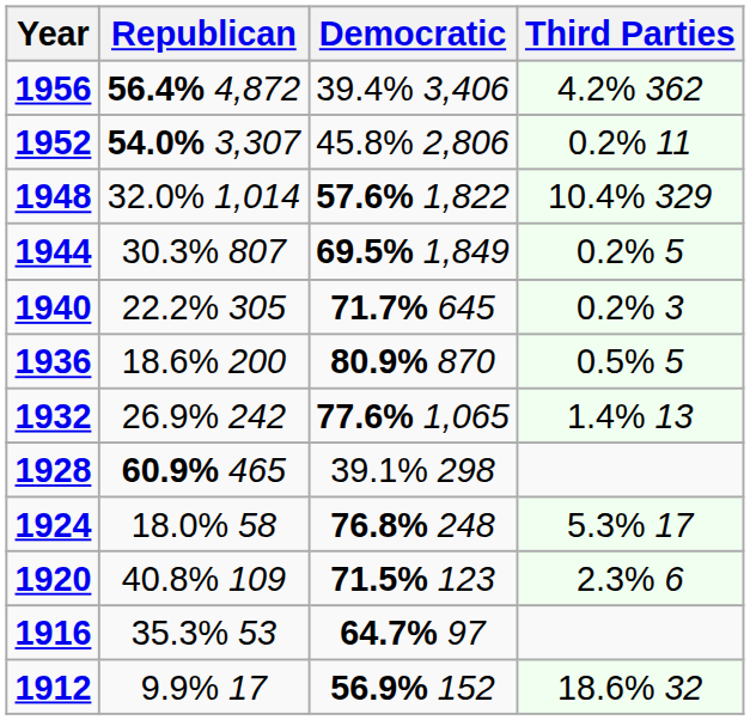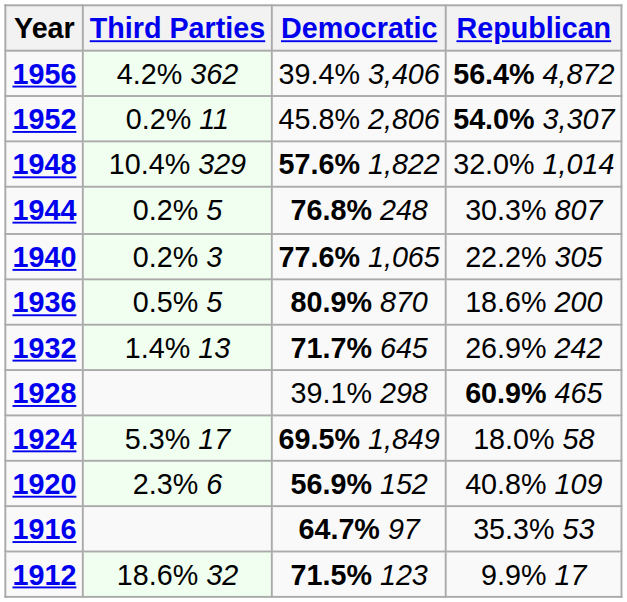 <table class="wikitable" style="float:right; font-size:95%;">
 <tr bgcolor=lightgrey>
 <th>Year</th>
+<th><a href='#'>Third Parties</a></th>
+<th><a href='#'>Democratic</a></th>
 <th><a href='#'>Republican</a></th>
-<th><a href='#'>Democratic</a></th>
-<th><a href='#'>Third Parties</a></th>
 </tr>
 <tr>
 <td style="text-align:center;" ><strong><a href='#'>1956</a></strong></td>
+<td style="text-align:center; background:honeyDew;">4.2% <em>362</em></td>
+<td style="text-align:center;" >39.4% <em>3,406</em></td>
 <td style="text-align:center;" ><strong>56.4%</strong> <em>4,872</em></td>
-<td style="text-align:center;" >39.4% <em>3,406</em></td>
-<td style="text-align:center; background:honeyDew;">4.2% <em>362</em></td>
 </tr>
 <tr>
 <td style="text-align:center;" ><strong><a href='#'>1952</a></strong></td>
+<td style="text-align:center; background:honeyDew;">0.2% <em>11</em></td>
+<td style="text-align:center;" >45.8% <em>2,806</em></td>
 <td style="text-align:center;" ><strong>54.0%</strong> <em>3,307</em></td>
-<td style="text-align:center;" >45.8% <em>2,806</em></td>
-<td style="text-align:center; background:honeyDew;">0.2% <em>11</em></td>
 </tr>
 <tr>
 <td style="text-align:center;" ><strong><a href='#'>1948</a></strong></td>
+<td style="text-align:center; background:honeyDew;">10.4% <em>329</em></td>
+<td style="text-align:center;" ><strong>57.6%</strong> <em>1,822</em></td>
 <td style="text-align:center;" >32.0% <em>1,014</em></td>
-<td style="text-align:center;" ><strong>57.6%</strong> <em>1,822</em></td>
-<td style="text-align:center; background:honeyDew;">10.4% <em>329</em></td>
 </tr>
 <tr>
 <td style="text-align:center;" ><strong><a href='#'>1944</a></strong></td>
+<td style="text-align:center; background:honeyDew;">0.2% <em>5</em></td>
+<td style="text-align:center;" ><strong>76.8%</strong> <em>248</em></td>
 <td style="text-align:center;" >30.3% <em>807</em></td>
-<td style="text-align:center;" ><strong>69.5%</strong> <em>1,849</em></td>
-<td style="text-align:center; background:honeyDew;">0.2% <em>5</em></td>
 </tr>
 <tr>
 <td style="text-align:center;" ><strong><a href='#'>1940</a></strong></td>
+<td style="text-align:center; background:honeyDew;">0.2% <em>3</em></td>
+<td style="text-align:center;" ><strong>77.6%</strong> <em>1,065</em></td>
 <td style="text-align:center;" >22.2% <em>305</em></td>
-<td style="text-align:center;" ><strong>71.7%</strong> <em>645</em></td>
-<td style="text-align:center; background:honeyDew;">0.2% <em>3</em></td>
 </tr>
 <tr>
 <td style="text-align:center;" ><strong><a href='#'>1936</a></strong></td>
+<td style="text-align:center; background:honeyDew;">0.5% <em>5</em></td>
+<td style="text-align:center;" ><strong>80.9%</strong> <em>870</em></td>
 <td style="text-align:center;" >18.6% <em>200</em></td>
-<td style="text-align:center;" ><strong>80.9%</strong> <em>870</em></td>
-<td style="text-align:center; background:honeyDew;">0.5% <em>5</em></td>
 </tr>
 <tr>
 <td style="text-align:center;" ><strong><a href='#'>1932</a></strong></td>
+<td style="text-align:center; background:honeyDew;">1.4% <em>13</em></td>
+<td style="text-align:center;" ><strong>71.7%</strong> <em>645</em></td>
 <td style="text-align:center;" >26.9% <em>242</em></td>
-<td style="text-align:center;" ><strong>77.6%</strong> <em>1,065</em></td>
-<td style="text-align:center; background:honeyDew;">1.4% <em>13</em></td>
 </tr>
 <tr>
 <td style="text-align:center;" ><strong><a href='#'>1928</a></strong></td>
+<td style="text-align:center;"></td>
+<td style="text-align:center;" >39.1% <em>298</em></td>
 <td style="text-align:center;" ><strong>60.9%</strong> <em>465</em></td>
-<td style="text-align:center;" >39.1% <em>298</em></td>
-<td style="text-align:center;"></td>
 </tr>
 <tr>
 <td style="text-align:center;" ><strong><a href='#'>1924</a></strong></td>
+<td style="text-align:center; background:honeyDew;">5.3% <em>17</em></td>
+<td style="text-align:center;" ><strong>69.5%</strong> <em>1,849</em></td>
 <td style="text-align:center;" >18.0% <em>58</em></td>
-<td style="text-align:center;" ><strong>76.8%</strong> <em>248</em></td>
-<td style="text-align:center; background:honeyDew;">5.3% <em>17</em></td>
 </tr>
 <tr>
 <td style="text-align:center;" ><strong><a href='#'>1920</a></strong></td>
+<td style="text-align:center; background:honeyDew;">2.3% <em>6</em></td>
+<td style="text-align:center;" ><strong>56.9%</strong> <em>152</em></td>
 <td style="text-align:center;" >40.8% <em>109</em></td>
-<td style="text-align:center;" ><strong>71.5%</strong> <em>123</em></td>
-<td style="text-align:center; background:honeyDew;">2.3% <em>6</em></td>
 </tr>
 <tr>
 <td style="text-align:center;" ><strong><a href='#'>1916</a></strong></td>
+<td style="text-align:center;"></td>
+<td style="text-align:center;" ><strong>64.7%</strong> <em>97</em></td>
 <td style="text-align:center;" >35.3% <em>53</em></td>
-<td style="text-align:center;" ><strong>64.7%</strong> <em>97</em></td>
-<td style="text-align:center;"></td>
 </tr>
 <tr>
 <td style="text-align:center;" ><strong><a href='#'>1912</a></strong></td>
+<td style="text-align:center; background:honeyDew;">18.6% <em>32</em></td>
+<td style="text-align:center;" ><strong>71.5%</strong> <em>123</em></td>
 <td style="text-align:center;" >9.9% <em>17</em></td>
-<td style="text-align:center;" ><strong>56.9%</strong> <em>152</em></td>
-<td style="text-align:center; background:honeyDew;">18.6% <em>32</em></td>
 </tr>
 </table>
